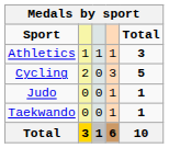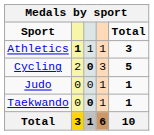 <table class="wikitable" style=font-size:85%;float:center;text-align:center>
 <tr style="background:#efefef;">
 <th colspan=5><strong>Medals by sport</strong></th>
 </tr>
 <tr align=center>
 <td><strong>Sport</strong></td>
 <td bgcolor=#f7f6a8></td>
 <td bgcolor=#dce5e5></td>
 <td bgcolor=#ffdab9></td>
 <td><strong>Total</strong></td>
 </tr>
 <tr align=center>
 <td><a href='#'>Athletics</a></td>
-<td style="background:#F7F6A8;">1</td>
+<td style="background:#F7F6A8;"><strong>1</strong></td>
 <td style="background:#DCE5E5;">1</td>
 <td style="background:#FFDAB9;">1</td>
 <td><strong>3</strong></td>
 </tr>
 <tr align=center>
 <td><a href='#'>Cycling</a></td>
 <td style="background:#F7F6A8;">2</td>
-<td style="background:#DCE5E5;">0</td>
+<td style="background:#DCE5E5;"><strong>0</strong></td>
 <td style="background:#FFDAB9;">3</td>
 <td><strong>5</strong></td>
 </tr>
 <tr align=center>
 <td><a href='#'>Judo</a></td>
 <td style="background:#F7F6A8;">0</td>
 <td style="background:#DCE5E5;">0</td>
 <td style="background:#FFDAB9;">1</td>
 <td><strong>1</strong></td>
 </tr>
 <tr align=center>
 <td><a href='#'>Taekwando</a></td>
 <td style="background:#F7F6A8;">0</td>
-<td style="background:#DCE5E5;">0</td>
+<td style="background:#DCE5E5;"><strong>0</strong></td>
 <td style="background:#FFDAB9;">1</td>
 <td><strong>1</strong></td>
 </tr>
 <tr align=center>
 <th><strong>Total</strong></th>
 <th style="background:gold;"><strong>3</strong></th>
 <th style="background:silver;"><strong>1</strong></th>
 <th style="background:#c96;"><strong>6</strong></th>
 <th><strong>10</strong></th>
 </tr>
 </table>
